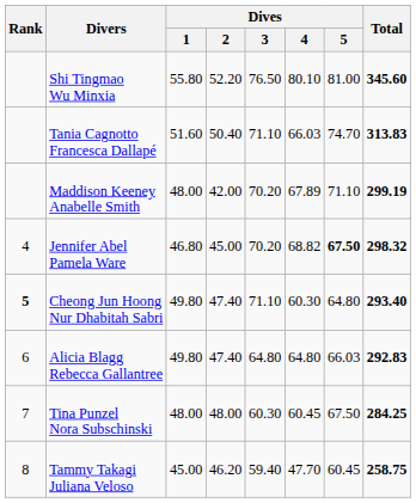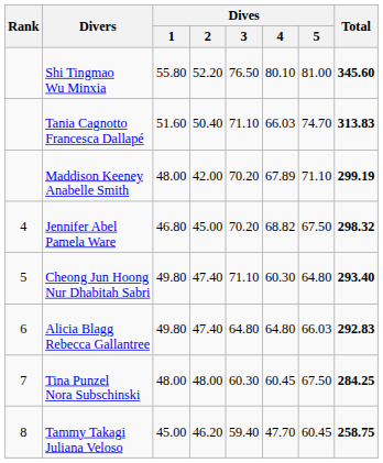 <table class="wikitable">
 <tr>
 <th rowspan="2">Rank</th>
 <th rowspan="2">Divers</th>
 <th colspan="5">Dives</th>
 <th rowspan="2">Total</th>
 </tr>
 <tr>
 <th>1</th>
 <th>2</th>
 <th>3</th>
 <th>4</th>
 <th>5</th>
 </tr>
 <tr>
 <td align="center"></td>
 <td><br><a href='#'>Shi Tingmao</a><br><a href='#'>Wu Minxia</a></td>
 <td align="center">55.80</td>
 <td align="center">52.20</td>
 <td align="center">76.50</td>
 <td align="center">80.10</td>
 <td align="center">81.00</td>
 <td align="center"><strong>345.60</strong></td>
 </tr>
 <tr>
 <td align="center"></td>
 <td><br><a href='#'>Tania Cagnotto</a><br><a href='#'>Francesca Dallapé</a></td>
 <td align="center">51.60</td>
 <td align="center">50.40</td>
 <td align="center">71.10</td>
 <td align="center">66.03</td>
 <td align="center">74.70</td>
 <td align="center"><strong>313.83</strong></td>
 </tr>
 <tr>
 <td align="center"></td>
 <td><br><a href='#'>Maddison Keeney</a><br><a href='#'>Anabelle Smith</a></td>
 <td align="center">48.00</td>
 <td align="center">42.00</td>
 <td align="center">70.20</td>
 <td align="center">67.89</td>
 <td align="center">71.10</td>
 <td align="center"><strong>299.19</strong></td>
 </tr>
 <tr>
 <td align="center">4</td>
 <td><br><a href='#'>Jennifer Abel</a><br><a href='#'>Pamela Ware</a></td>
 <td align="center">46.80</td>
 <td align="center">45.00</td>
 <td align="center">70.20</td>
 <td align="center">68.82</td>
-<td align="center"><strong>67.50</strong></td>
+<td align="center">67.50</td>
 <td align="center"><strong>298.32</strong></td>
 </tr>
 <tr>
-<td align="center"><strong>5</strong></td>
+<td align="center">5</td>
 <td><br><a href='#'>Cheong Jun Hoong</a><br><a href='#'>Nur Dhabitah Sabri</a></td>
 <td align="center">49.80</td>
 <td align="center">47.40</td>
 <td align="center">71.10</td>
 <td align="center">60.30</td>
 <td align="center">64.80</td>
 <td align="center"><strong>293.40</strong></td>
 </tr>
 <tr>
 <td align="center">6</td>
 <td><br><a href='#'>Alicia Blagg</a><br><a href='#'>Rebecca Gallantree</a></td>
 <td align="center">49.80</td>
 <td align="center">47.40</td>
 <td align="center">64.80</td>
 <td align="center">64.80</td>
 <td align="center">66.03</td>
 <td align="center"><strong>292.83</strong></td>
 </tr>
 <tr>
 <td align="center">7</td>
 <td><br><a href='#'>Tina Punzel</a><br><a href='#'>Nora Subschinski</a></td>
 <td align="center">48.00</td>
 <td align="center">48.00</td>
 <td align="center">60.30</td>
 <td align="center">60.45</td>
 <td align="center">67.50</td>
 <td align="center"><strong>284.25</strong></td>
 </tr>
 <tr>
 <td align="center">8</td>
 <td><br><a href='#'>Tammy Takagi</a><br><a href='#'>Juliana Veloso</a></td>
 <td align="center">45.00</td>
 <td align="center">46.20</td>
 <td align="center">59.40</td>
 <td align="center">47.70</td>
 <td align="center">60.45</td>
 <td align="center"><strong>258.75</strong></td>
 </tr>
 </table>
